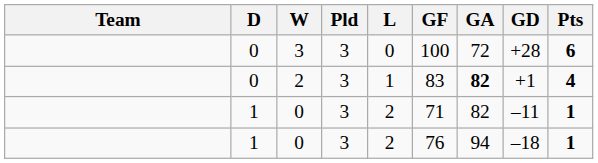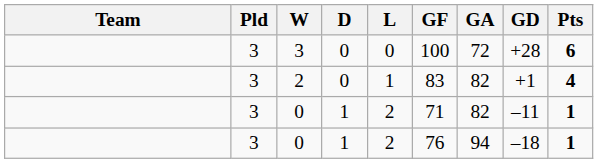 <table class="wikitable" style="text-align: center;">
 <tr>
 <th width="180">Team</th>
+<th width="30">Pld</th>
+<th width="30">W</th>
 <th width="30">D</th>
-<th width="30">W</th>
-<th width="30">Pld</th>
 <th width="30">L</th>
 <th width="30">GF</th>
 <th width="30">GA</th>
 <th width="30">GD</th>
 <th width="30">Pts</th>
 </tr>
 <tr>
 <td align="left"></td>
-<td>0</td>
 <td>3</td>
 <td>3</td>
+<td>0</td>
 <td>0</td>
 <td>100</td>
 <td>72</td>
 <td>+28</td>
 <td><strong>6</strong></td>
 </tr>
 <tr>
 <td align="left"></td>
+<td>3</td>
+<td>2</td>
 <td>0</td>
-<td>2</td>
-<td>3</td>
 <td>1</td>
 <td>83</td>
-<td><strong>82</strong></td>
+<td>82</td>
 <td>+1</td>
 <td><strong>4</strong></td>
 </tr>
 <tr>
 <td align="left"></td>
+<td>3</td>
+<td>0</td>
 <td>1</td>
-<td>0</td>
-<td>3</td>
 <td>2</td>
 <td>71</td>
 <td>82</td>
 <td>–11</td>
 <td><strong>1</strong></td>
 </tr>
 <tr>
 <td align="left"></td>
+<td>3</td>
+<td>0</td>
 <td>1</td>
-<td>0</td>
-<td>3</td>
 <td>2</td>
 <td>76</td>
 <td>94</td>
 <td>–18</td>
 <td><strong>1</strong></td>
 </tr>
 </table>
